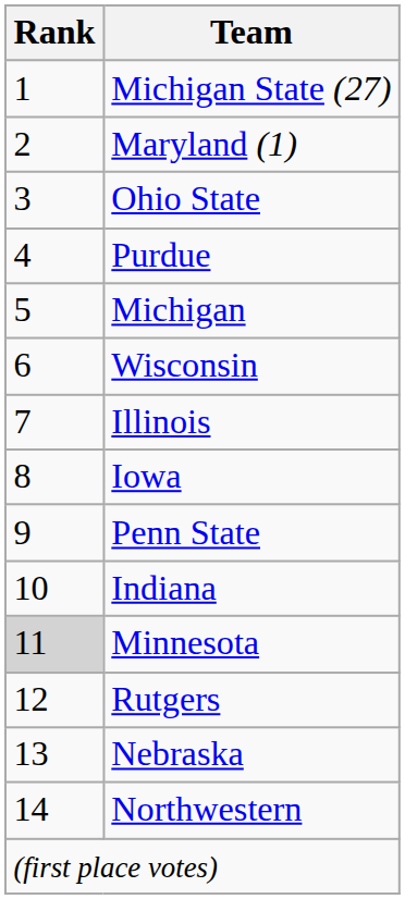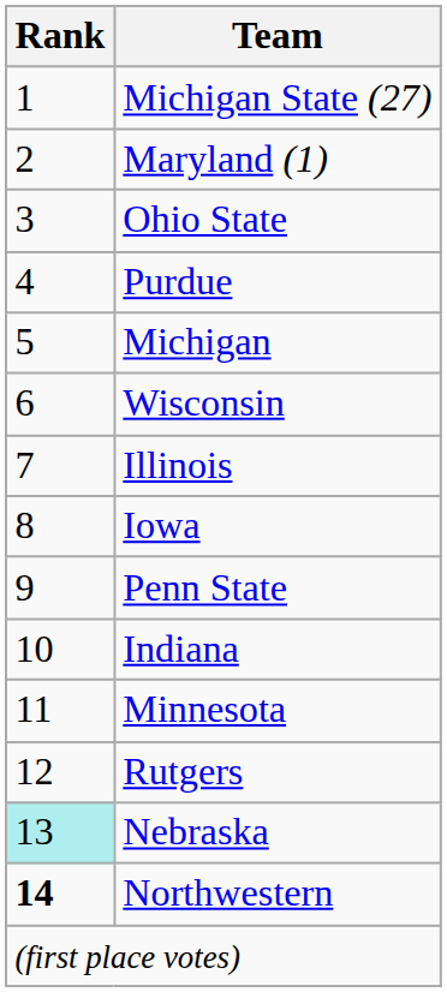 <table class="wikitable">
 <tr>
 <th>Rank</th>
 <th>Team</th>
 </tr>
 <tr>
 <td>1</td>
 <td><a href='#'>Michigan State</a> <em>(27)</em></td>
 </tr>
 <tr>
 <td>2</td>
 <td><a href='#'>Maryland</a> <em>(1)</em></td>
 </tr>
 <tr>
 <td>3</td>
 <td><a href='#'>Ohio State</a></td>
 </tr>
 <tr>
 <td>4</td>
 <td><a href='#'>Purdue</a></td>
 </tr>
 <tr>
 <td>5</td>
 <td><a href='#'>Michigan</a></td>
 </tr>
 <tr>
 <td>6</td>
 <td><a href='#'>Wisconsin</a></td>
 </tr>
 <tr>
 <td>7</td>
 <td><a href='#'>Illinois</a></td>
 </tr>
 <tr>
 <td>8</td>
 <td><a href='#'>Iowa</a></td>
 </tr>
 <tr>
 <td>9</td>
 <td><a href='#'>Penn State</a></td>
 </tr>
 <tr>
 <td>10</td>
 <td><a href='#'>Indiana</a></td>
 </tr>
 <tr>
-<td style="background: lightgrey;">11</td>
+<td>11</td>
 <td><a href='#'>Minnesota</a></td>
 </tr>
 <tr>
 <td>12</td>
 <td><a href='#'>Rutgers</a></td>
 </tr>
 <tr>
-<td>13</td>
+<td style="background: paleturquoise;">13</td>
 <td><a href='#'>Nebraska</a></td>
 </tr>
 <tr>
-<td>14</td>
+<td><strong>14</strong></td>
 <td><a href='#'>Northwestern</a></td>
 </tr>
 <tr>
 <td colspan="3" valign="middle"><small><em>(first place votes)</em></small></td>
 </tr>
 </table>
